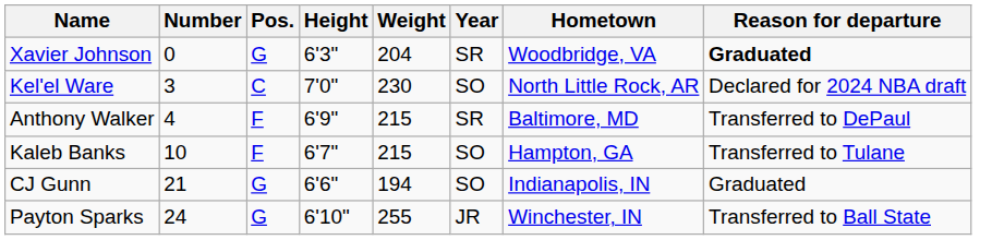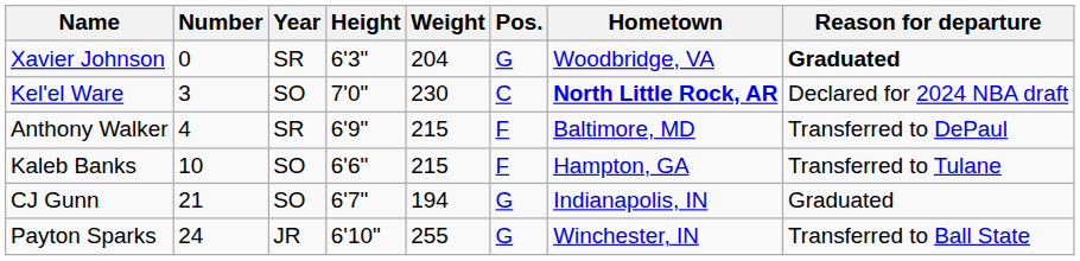 <table class="wikitable sortable" border="1">
 <tr align=center>
 <th>Name</th>
 <th>Number</th>
-<th>Pos.</th>
+<th>Year</th>
 <th>Height</th>
 <th>Weight</th>
-<th>Year</th>
+<th>Pos.</th>
 <th>Hometown</th>
 <th>Reason for departure</th>
 </tr>
 <tr>
 <td sortname><a href='#'>Xavier Johnson</a></td>
 <td>0</td>
-<td><a href='#'>G</a></td>
+<td>SR</td>
 <td>6'3"</td>
 <td>204</td>
-<td>SR</td>
+<td><a href='#'>G</a></td>
 <td><a href='#'>Woodbridge, VA</a></td>
 <td><strong>Graduated</strong></td>
 </tr>
 <tr>
 <td sortname><a href='#'>Kel'el Ware</a></td>
 <td>3</td>
-<td><a href='#'>C</a></td>
+<td>SO</td>
 <td>7'0"</td>
 <td>230</td>
-<td>SO</td>
-<td><a href='#'>North Little Rock, AR</a></td>
+<td><a href='#'>C</a></td>
+<td><strong><a href='#'>North Little Rock, AR</a></strong></td>
 <td>Declared for <a href='#'>2024 NBA draft</a></td>
 </tr>
 <tr>
 <td sortname>Anthony Walker</td>
 <td>4</td>
-<td><a href='#'>F</a></td>
+<td>SR</td>
 <td>6'9"</td>
 <td>215</td>
-<td>SR</td>
+<td><a href='#'>F</a></td>
 <td><a href='#'>Baltimore, MD</a></td>
 <td>Transferred to <a href='#'>DePaul</a></td>
 </tr>
 <tr>
 <td sortname>Kaleb Banks</td>
 <td>10</td>
+<td>SO</td>
+<td>6'6"</td>
+<td>215</td>
 <td><a href='#'>F</a></td>
-<td>6'7"</td>
-<td>215</td>
-<td>SO</td>
 <td><a href='#'>Hampton, GA</a></td>
 <td>Transferred to <a href='#'>Tulane</a></td>
 </tr>
 <tr>
 <td sortname>CJ Gunn</td>
 <td>21</td>
+<td>SO</td>
+<td>6'7"</td>
+<td>194</td>
 <td><a href='#'>G</a></td>
-<td>6'6"</td>
-<td>194</td>
-<td>SO</td>
 <td><a href='#'>Indianapolis, IN</a></td>
 <td>Graduated</td>
 </tr>
 <tr>
 <td sortname>Payton Sparks</td>
 <td>24</td>
-<td><a href='#'>G</a></td>
+<td>JR</td>
 <td>6'10"</td>
 <td>255</td>
-<td>JR</td>
+<td><a href='#'>G</a></td>
 <td><a href='#'>Winchester, IN</a></td>
 <td>Transferred to <a href='#'>Ball State</a></td>
 </tr>
 </table>
